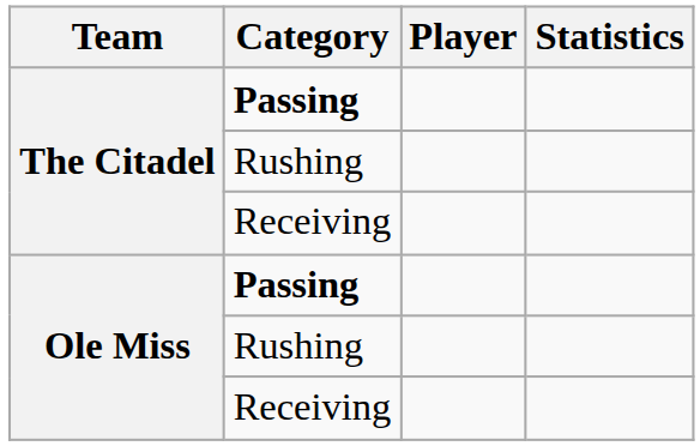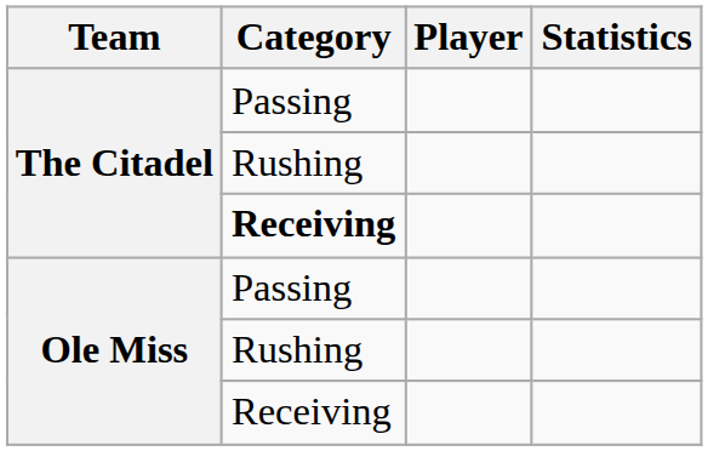 <table class="wikitable" style="float:right">
 <tr>
 <th>Team</th>
 <th>Category</th>
 <th>Player</th>
 <th>Statistics</th>
 </tr>
 <tr>
 <th rowspan=3>The Citadel</th>
-<td><strong>Passing</strong></td>
+<td>Passing</td>
 <td></td>
 <td></td>
 </tr>
 <tr>
 <td>Rushing</td>
 <td></td>
 <td></td>
 </tr>
 <tr>
-<td>Receiving</td>
+<td><strong>Receiving</strong></td>
 <td></td>
 <td></td>
 </tr>
 <tr>
 <th rowspan=3>Ole Miss</th>
-<td><strong>Passing</strong></td>
+<td>Passing</td>
 <td></td>
 <td></td>
 </tr>
 <tr>
 <td>Rushing</td>
 <td></td>
 <td></td>
 </tr>
 <tr>
 <td>Receiving</td>
 <td></td>
 <td></td>
 </tr>
 </table>
